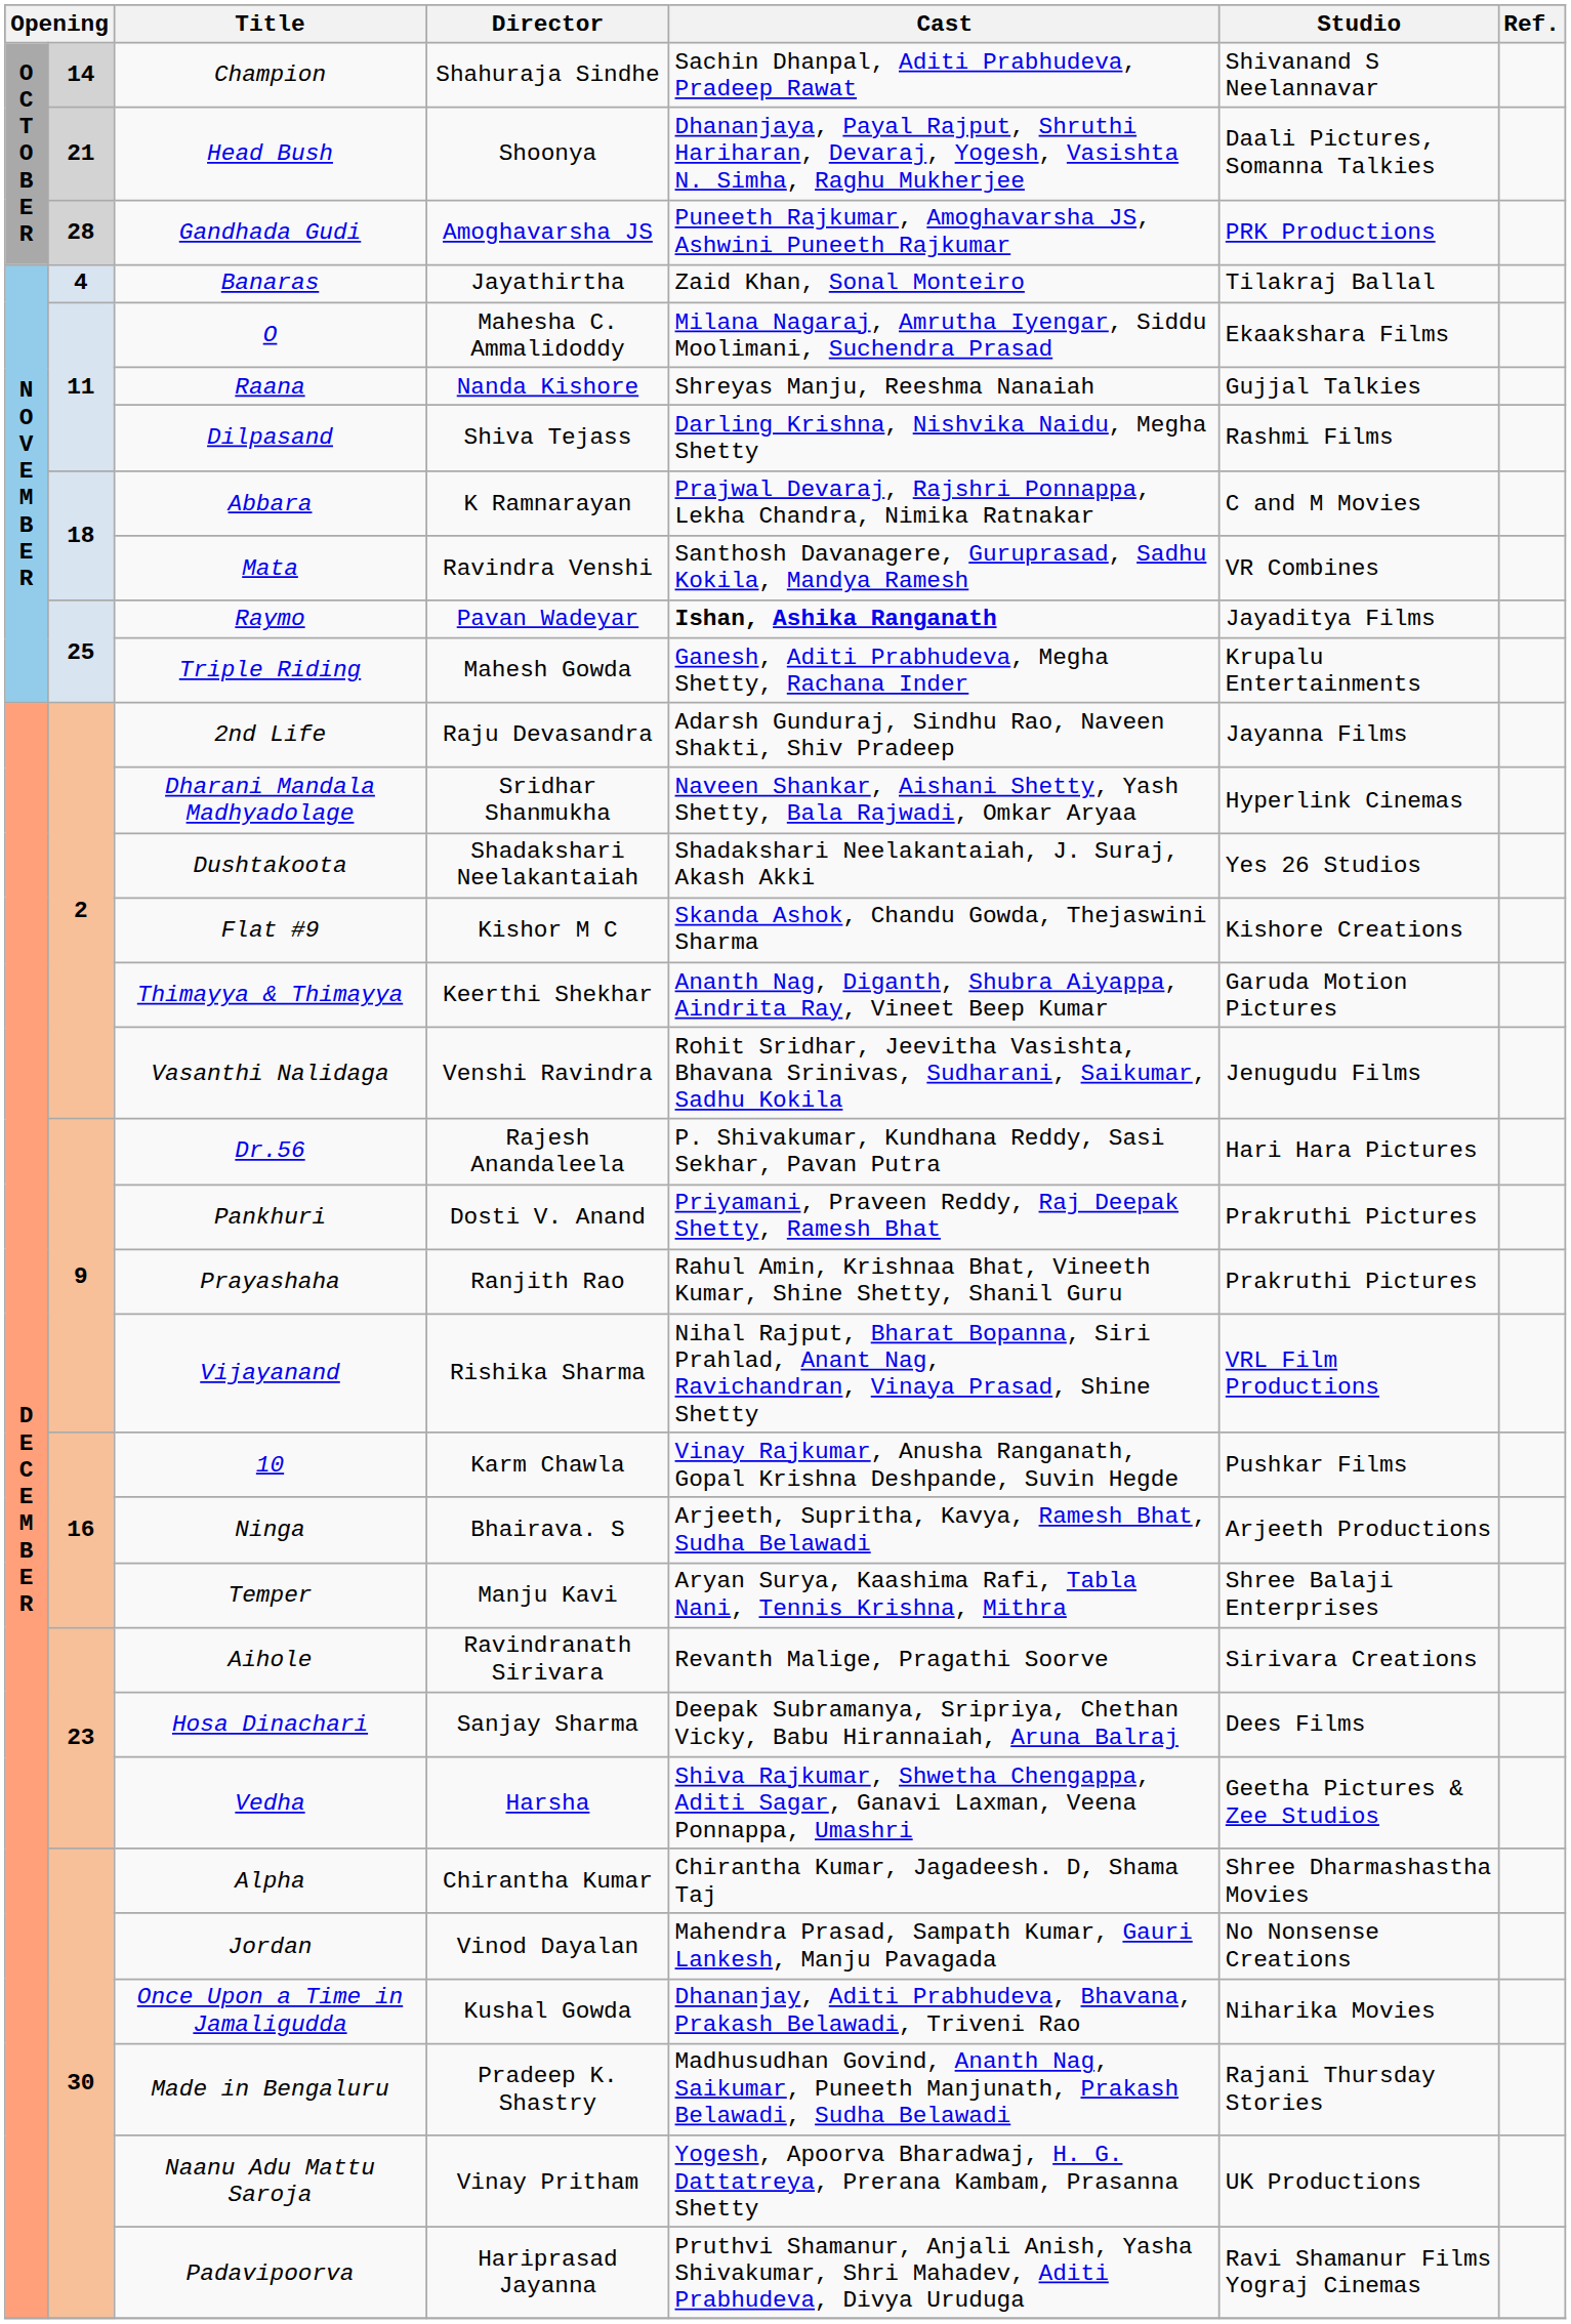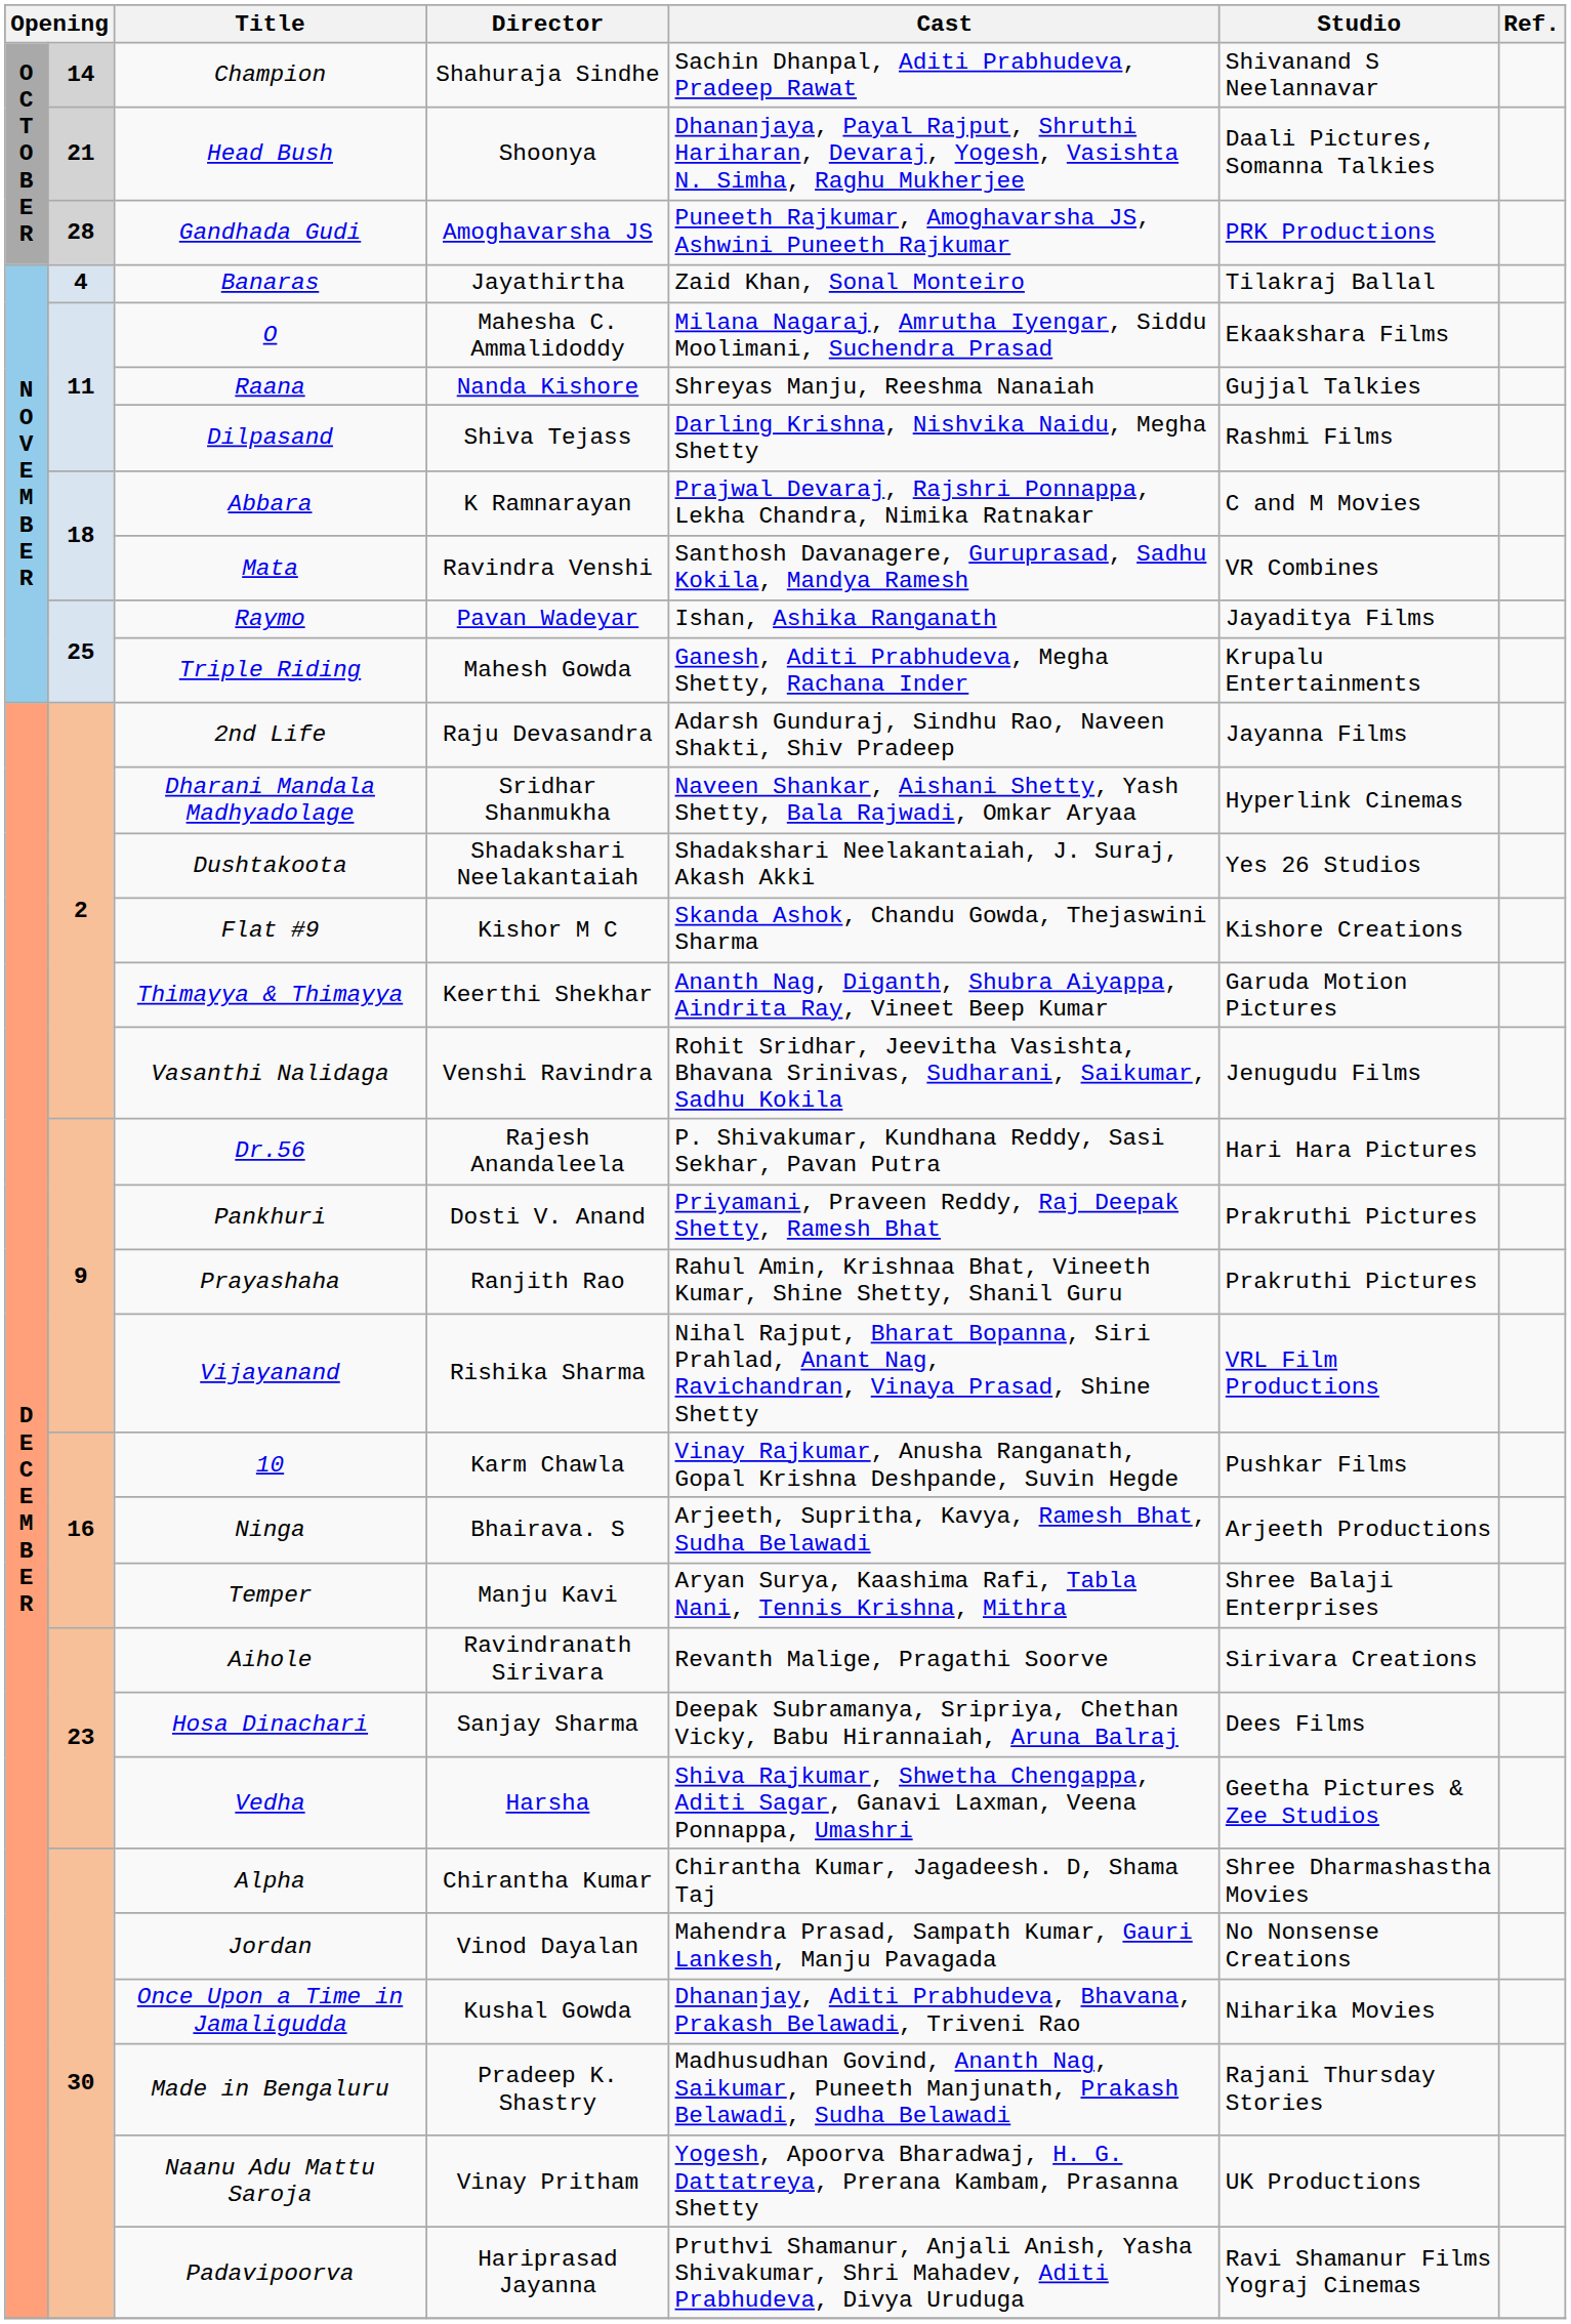 <table class="wikitable sortable">
 <tr>
 <th colspan="2">Opening</th>
 <th style="width:20%;">Title</th>
 <th>Director</th>
 <th>Cast</th>
 <th>Studio</th>
 <th>Ref.</th>
 </tr>
 <tr>
 <td rowspan="3" style="text-align:center; background:#a9a9a9; textcolor:#000;"><strong>O<br>C<br>T<br>O<br>B<br>E<br>R</strong></td>
 <td rowspan="1" style="text-align:center;background:#D3D3D3;"><strong>14</strong></td>
 <td align="center"><em>Champion</em></td>
 <td align="center">Shahuraja Sindhe</td>
 <td>Sachin Dhanpal, <a href='#'>Aditi Prabhudeva</a>, <a href='#'>Pradeep Rawat</a></td>
 <td>Shivanand S Neelannavar</td>
 <td align="center"></td>
 </tr>
 <tr>
 <td rowspan="1" style="text-align:center;background:#D3D3D3;"><strong>21</strong></td>
 <td align="center"><em><a href='#'>Head Bush</a></em></td>
 <td align="center">Shoonya</td>
 <td><a href='#'>Dhananjaya</a>, <a href='#'>Payal Rajput</a>, <a href='#'>Shruthi Hariharan</a>, <a href='#'>Devaraj</a>, <a href='#'>Yogesh</a>, <a href='#'>Vasishta N. Simha</a>, <a href='#'>Raghu Mukherjee</a></td>
 <td>Daali Pictures, Somanna Talkies</td>
 <td align="center"></td>
 </tr>
 <tr>
 <td rowspan="1" style="text-align:center;background:#D3D3D3;"><strong>28</strong></td>
 <td align="center"><em><a href='#'>Gandhada Gudi</a></em></td>
 <td align="center"><a href='#'>Amoghavarsha JS</a></td>
 <td><a href='#'>Puneeth Rajkumar</a>, <a href='#'>Amoghavarsha JS</a>, <a href='#'>Ashwini Puneeth Rajkumar</a></td>
 <td><a href='#'>PRK Productions</a></td>
 <td align="center"></td>
 </tr>
 <tr>
 <td rowspan="8" style="text-align:center; background:#93CCEA; textcolor:#000;"><strong>N<br>O<br>V<br>E<br>M<br>B<br>E<br>R</strong></td>
 <td rowspan="1" style="text-align:center;background:#d9e4f1;"><strong>4</strong></td>
 <td align="center"><em><a href='#'>Banaras</a></em></td>
 <td align="center">Jayathirtha</td>
 <td>Zaid Khan, <a href='#'>Sonal Monteiro</a></td>
 <td>Tilakraj Ballal</td>
 <td align="center"></td>
 </tr>
 <tr>
 <td rowspan="3" style="text-align:center;background:#d9e4f1;"><strong>11</strong></td>
 <td style="text-align:center;"><em><a href='#'>O</a></em></td>
 <td style="text-align:center;">Mahesha C. Ammalidoddy</td>
 <td><a href='#'>Milana Nagaraj</a>, <a href='#'>Amrutha Iyengar</a>, Siddu Moolimani, <a href='#'>Suchendra Prasad</a></td>
 <td>Ekaakshara Films</td>
 <td align="center"></td>
 </tr>
 <tr>
 <td align="center"><em><a href='#'>Raana</a></em></td>
 <td align="center"><a href='#'>Nanda Kishore</a></td>
 <td>Shreyas Manju, Reeshma Nanaiah</td>
 <td>Gujjal Talkies</td>
 <td style="text-align:center;"></td>
 </tr>
 <tr>
 <td align="center"><em><a href='#'>Dilpasand</a></em></td>
 <td align="center">Shiva Tejass</td>
 <td><a href='#'>Darling Krishna</a>, <a href='#'>Nishvika Naidu</a>, Megha Shetty</td>
 <td>Rashmi Films</td>
 <td align="center"></td>
 </tr>
 <tr>
 <td rowspan="2" style="text-align:center;background:#d9e4f1;"><strong>18</strong></td>
 <td align="center"><em><a href='#'>Abbara</a></em></td>
 <td align="center">K Ramnarayan</td>
 <td><a href='#'>Prajwal Devaraj</a>, <a href='#'>Rajshri Ponnappa</a>, Lekha Chandra, Nimika Ratnakar</td>
 <td>C and M Movies</td>
 <td align="center"></td>
 </tr>
 <tr>
 <td align="center"><em><a href='#'>Mata</a></em></td>
 <td align="center">Ravindra Venshi</td>
 <td>Santhosh Davanagere, <a href='#'>Guruprasad</a>, <a href='#'>Sadhu Kokila</a>, <a href='#'>Mandya Ramesh</a></td>
 <td>VR Combines</td>
 <td align="center"></td>
 </tr>
 <tr>
 <td rowspan="2" style="text-align:center;background:#d9e4f1;"><strong>25</strong></td>
 <td align="center"><em><a href='#'>Raymo</a></em></td>
 <td align="center"><a href='#'>Pavan Wadeyar</a></td>
-<td><strong>Ishan, <a href='#'>Ashika Ranganath</a></strong></td>
+<td>Ishan, <a href='#'>Ashika Ranganath</a></td>
 <td>Jayaditya Films</td>
 <td></td>
 </tr>
 <tr>
 <td align="center"><em><a href='#'>Triple Riding</a></em></td>
 <td align="center">Mahesh Gowda</td>
 <td><a href='#'>Ganesh</a>, <a href='#'>Aditi Prabhudeva</a>, Megha Shetty, <a href='#'>Rachana Inder</a></td>
 <td>Krupalu Entertainments</td>
 <td></td>
 </tr>
 <tr>
 <td rowspan="22" style="text-align:center; background:#ffa07a; textcolor:#000;"><strong>D<br>E<br>C<br>E<br>M<br>B<br>E<br>R</strong></td>
 <td rowspan="6" style="text-align:center; textcolor:#000;background:#F7C099;"><strong>2</strong></td>
 <td style="text-align:center;"><em>2nd Life</em></td>
 <td style="text-align:center;">Raju Devasandra</td>
 <td>Adarsh Gunduraj, Sindhu Rao, Naveen Shakti, Shiv Pradeep</td>
 <td>Jayanna Films</td>
 <td></td>
 </tr>
 <tr>
 <td style="text-align:center;"><em><a href='#'>Dharani Mandala Madhyadolage</a></em></td>
 <td style="text-align:center;">Sridhar Shanmukha</td>
 <td><a href='#'>Naveen Shankar</a>, <a href='#'>Aishani Shetty</a>, Yash Shetty, <a href='#'>Bala Rajwadi</a>, Omkar Aryaa</td>
 <td>Hyperlink Cinemas</td>
 <td></td>
 </tr>
 <tr>
 <td style="text-align:center;"><em>Dushtakoota</em></td>
 <td style="text-align:center;">Shadakshari Neelakantaiah</td>
 <td>Shadakshari Neelakantaiah, J. Suraj, Akash Akki</td>
 <td>Yes 26 Studios</td>
 <td></td>
 </tr>
 <tr>
 <td style="text-align:center;"><em>Flat #9</em></td>
 <td style="text-align:center;">Kishor M C</td>
 <td><a href='#'>Skanda Ashok</a>, Chandu Gowda, Thejaswini Sharma</td>
 <td>Kishore Creations</td>
 <td></td>
 </tr>
 <tr>
 <td style="text-align:center;"><em><a href='#'>Thimayya & Thimayya</a></em></td>
 <td style="text-align:center;">Keerthi Shekhar</td>
 <td><a href='#'>Ananth Nag</a>, <a href='#'>Diganth</a>, <a href='#'>Shubra Aiyappa</a>, <a href='#'>Aindrita Ray</a>, Vineet Beep Kumar</td>
 <td>Garuda Motion Pictures</td>
 <td></td>
 </tr>
 <tr>
 <td style="text-align:center;"><em>Vasanthi Nalidaga</em></td>
 <td style="text-align:center;">Venshi Ravindra</td>
 <td>Rohit Sridhar, Jeevitha Vasishta, Bhavana Srinivas, <a href='#'>Sudharani</a>, <a href='#'>Saikumar</a>, <a href='#'>Sadhu Kokila</a></td>
 <td>Jenugudu Films</td>
 <td></td>
 </tr>
 <tr>
 <td rowspan="4" style="text-align:center; textcolor:#000;background:#F7C099;"><strong>9</strong></td>
 <td style="text-align:center;"><a href='#'><em>Dr.56</em></a></td>
 <td style="text-align:center;">Rajesh Anandaleela</td>
 <td>P. Shivakumar, Kundhana Reddy, Sasi Sekhar, Pavan Putra</td>
 <td>Hari Hara Pictures</td>
 <td></td>
 </tr>
 <tr>
 <td style="text-align:center;"><em>Pankhuri</em></td>
 <td style="text-align:center;">Dosti V. Anand</td>
 <td><a href='#'>Priyamani</a>, Praveen Reddy, <a href='#'>Raj Deepak Shetty</a>, <a href='#'>Ramesh Bhat</a></td>
 <td>Prakruthi Pictures</td>
 <td></td>
 </tr>
 <tr>
 <td style="text-align:center;"><em>Prayashaha</em></td>
 <td style="text-align:center;">Ranjith Rao</td>
 <td>Rahul Amin, Krishnaa Bhat, Vineeth Kumar, Shine Shetty, Shanil Guru</td>
 <td>Prakruthi Pictures</td>
 <td></td>
 </tr>
 <tr>
 <td style="text-align:center;"><em><a href='#'>Vijayanand</a></em></td>
 <td style="text-align:center;">Rishika Sharma</td>
 <td>Nihal Rajput, <a href='#'>Bharat Bopanna</a>, Siri Prahlad, <a href='#'>Anant Nag</a>,<br><a href='#'>Ravichandran</a>, <a href='#'>Vinaya Prasad</a>, Shine Shetty</td>
 <td><a href='#'>VRL Film Productions</a></td>
 <td></td>
 </tr>
 <tr>
 <td rowspan="3" style="text-align:center; textcolor:#000;background:#F7C099;"><strong>16</strong></td>
 <td style="text-align:center;"><em><a href='#'>10</a></em></td>
 <td style="text-align:center;">Karm Chawla</td>
 <td><a href='#'>Vinay Rajkumar</a>, Anusha Ranganath, Gopal Krishna Deshpande, Suvin Hegde</td>
 <td>Pushkar Films</td>
 <td></td>
 </tr>
 <tr>
 <td style="text-align:center;"><em>Ninga</em></td>
 <td style="text-align:center;">Bhairava. S</td>
 <td>Arjeeth, Supritha, Kavya, <a href='#'>Ramesh Bhat</a>, <a href='#'>Sudha Belawadi</a></td>
 <td>Arjeeth Productions</td>
 <td></td>
 </tr>
 <tr>
 <td style="text-align:center;"><em>Temper</em></td>
 <td style="text-align:center;">Manju Kavi</td>
 <td>Aryan Surya, Kaashima Rafi, <a href='#'>Tabla Nani</a>, <a href='#'>Tennis Krishna</a>, <a href='#'>Mithra</a></td>
 <td>Shree Balaji Enterprises</td>
 <td></td>
 </tr>
 <tr>
 <td rowspan="3" style="text-align:center; textcolor:#000;background:#F7C099;"><strong>23</strong></td>
 <td style="text-align:center;"><em>Aihole</em></td>
 <td style="text-align:center;">Ravindranath Sirivara</td>
 <td>Revanth Malige, Pragathi Soorve</td>
 <td>Sirivara Creations</td>
 <td></td>
 </tr>
 <tr>
 <td style="text-align:center;"><em><a href='#'>Hosa Dinachari</a></em></td>
 <td style="text-align:center;">Sanjay Sharma</td>
 <td>Deepak Subramanya, Sripriya, Chethan Vicky, Babu Hirannaiah, <a href='#'>Aruna Balraj</a></td>
 <td>Dees Films</td>
 <td></td>
 </tr>
 <tr>
 <td style="text-align:center;"><em><a href='#'>Vedha</a></em></td>
 <td style="text-align:center;"><a href='#'>Harsha</a></td>
 <td><a href='#'>Shiva Rajkumar</a>, <a href='#'>Shwetha Chengappa</a>, <a href='#'>Aditi Sagar</a>, Ganavi Laxman, Veena Ponnappa, <a href='#'>Umashri</a></td>
 <td>Geetha Pictures & <a href='#'>Zee Studios</a></td>
 <td></td>
 </tr>
 <tr>
 <td rowspan="6" style="text-align:center; textcolor:#000;background:#F7C099;"><strong>30</strong></td>
 <td style="text-align:center;"><em>Alpha</em></td>
 <td style="text-align:center;">Chirantha Kumar</td>
 <td>Chirantha Kumar, Jagadeesh. D, Shama Taj</td>
 <td>Shree Dharmashastha Movies</td>
 <td></td>
 </tr>
 <tr>
 <td style="text-align:center;"><em>Jordan</em></td>
 <td style="text-align:center;">Vinod Dayalan</td>
 <td>Mahendra Prasad, Sampath Kumar, <a href='#'>Gauri Lankesh</a>, Manju Pavagada</td>
 <td>No Nonsense Creations</td>
 <td></td>
 </tr>
 <tr>
 <td style="text-align:center;"><em><a href='#'>Once Upon a Time in Jamaligudda</a></em></td>
 <td style="text-align:center;">Kushal Gowda</td>
 <td><a href='#'>Dhananjay</a>, <a href='#'>Aditi Prabhudeva</a>, <a href='#'>Bhavana</a>, <a href='#'>Prakash Belawadi</a>, Triveni Rao</td>
 <td>Niharika Movies</td>
 <td></td>
 </tr>
 <tr>
 <td style="text-align:center;"><em>Made in Bengaluru</em></td>
 <td style="text-align:center;">Pradeep K. Shastry</td>
 <td>Madhusudhan Govind, <a href='#'>Ananth Nag</a>, <a href='#'>Saikumar</a>, Puneeth Manjunath, <a href='#'>Prakash Belawadi</a>, <a href='#'>Sudha Belawadi</a></td>
 <td>Rajani Thursday Stories</td>
 <td></td>
 </tr>
 <tr>
 <td style="text-align:center;"><em>Naanu Adu Mattu Saroja</em></td>
 <td style="text-align:center;">Vinay Pritham</td>
 <td><a href='#'>Yogesh</a>, Apoorva Bharadwaj, <a href='#'>H. G. Dattatreya</a>, Prerana Kambam, Prasanna Shetty</td>
 <td>UK Productions</td>
 <td></td>
 </tr>
 <tr>
 <td style="text-align:center;"><em>Padavipoorva</em></td>
 <td style="text-align:center;">Hariprasad Jayanna</td>
 <td>Pruthvi Shamanur, Anjali Anish, Yasha Shivakumar, Shri Mahadev, <a href='#'>Aditi Prabhudeva</a>, Divya Uruduga</td>
 <td>Ravi Shamanur Films <br> Yograj Cinemas</td>
 <td></td>
 </tr>
 <tr>
 </tr>
 </table>
